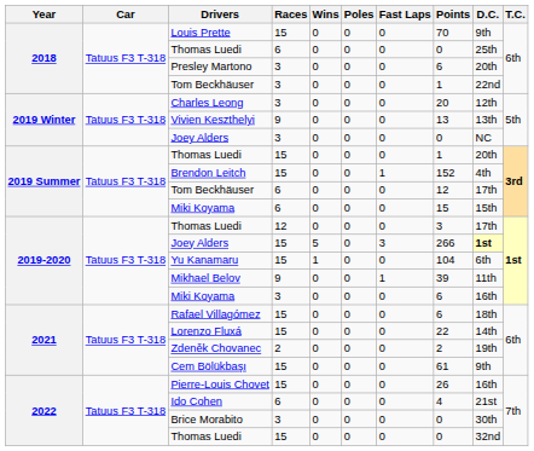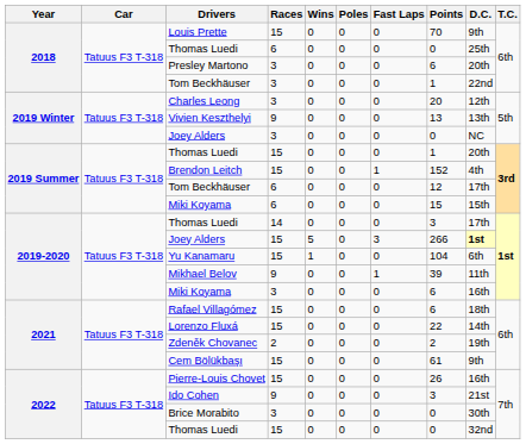 <table class="wikitable" style="font-size: 90%;">
 <tr>
 <th>Year</th>
 <th>Car</th>
 <th>Drivers</th>
 <th>Races</th>
 <th>Wins</th>
 <th>Poles</th>
 <th>Fast Laps</th>
 <th>Points</th>
 <th>D.C.</th>
 <th>T.C.</th>
 </tr>
 <tr>
 <th rowspan="4"><a href='#'>2018</a></th>
 <td rowspan="4" align=left><a href='#'>Tatuus F3 T-318</a></td>
 <td align=left> <a href='#'>Louis Prette</a></td>
 <td>15</td>
 <td>0</td>
 <td>0</td>
 <td>0</td>
 <td>70</td>
 <td>9th</td>
 <td rowspan="4">6th</td>
 </tr>
 <tr>
 <td align=left> Thomas Luedi</td>
 <td>6</td>
 <td>0</td>
 <td>0</td>
 <td>0</td>
 <td>0</td>
 <td>25th</td>
 </tr>
 <tr>
 <td align=left> Presley Martono</td>
 <td>3</td>
 <td>0</td>
 <td>0</td>
 <td>0</td>
 <td>6</td>
 <td>20th</td>
 </tr>
 <tr>
 <td align=left> Tom Beckhäuser</td>
 <td>3</td>
 <td>0</td>
 <td>0</td>
 <td>0</td>
 <td>1</td>
 <td>22nd</td>
 </tr>
 <tr>
 <th rowspan="3"><a href='#'>2019 Winter</a></th>
 <td rowspan="3"><a href='#'>Tatuus F3 T-318</a></td>
 <td align=left> <a href='#'>Charles Leong</a></td>
 <td>3</td>
 <td>0</td>
 <td>0</td>
 <td>0</td>
 <td>20</td>
 <td>12th</td>
 <td rowspan="3">5th</td>
 </tr>
 <tr>
 <td align=left> <a href='#'>Vivien Keszthelyi</a></td>
 <td>9</td>
 <td>0</td>
 <td>0</td>
 <td>0</td>
 <td>13</td>
 <td>13th</td>
 </tr>
 <tr>
 <td align=left> <a href='#'>Joey Alders</a></td>
 <td>3</td>
 <td>0</td>
 <td>0</td>
 <td>0</td>
 <td>0</td>
 <td>NC</td>
 </tr>
 <tr>
 <th rowspan="4"><a href='#'>2019 Summer</a></th>
 <td rowspan="4" align=left><a href='#'>Tatuus F3 T-318</a></td>
 <td align=left> Thomas Luedi</td>
 <td>15</td>
 <td>0</td>
 <td>0</td>
 <td>0</td>
 <td>1</td>
 <td>20th</td>
 <td rowspan="4" style="background:#FFDF9F;"><strong>3rd</strong></td>
 </tr>
 <tr>
 <td align=left> <a href='#'>Brendon Leitch</a></td>
 <td>15</td>
 <td>0</td>
 <td>0</td>
 <td>1</td>
 <td>152</td>
 <td>4th</td>
 </tr>
 <tr>
 <td align=left> Tom Beckhäuser</td>
 <td>6</td>
 <td>0</td>
 <td>0</td>
 <td>0</td>
 <td>12</td>
 <td>17th</td>
 </tr>
 <tr>
 <td align=left> <a href='#'>Miki Koyama</a></td>
 <td>6</td>
 <td>0</td>
 <td>0</td>
 <td>0</td>
 <td>15</td>
 <td>15th</td>
 </tr>
 <tr>
 <th rowspan="5"><a href='#'>2019-2020</a></th>
 <td rowspan="5" align="left"><a href='#'>Tatuus F3 T-318</a></td>
 <td align="left"> Thomas Luedi</td>
-<td>12</td>
+<td>14</td>
 <td>0</td>
 <td>0</td>
 <td>0</td>
 <td>3</td>
 <td>17th</td>
 <td rowspan="5" style="background:#FFFFBF;"><strong>1st</strong></td>
 </tr>
 <tr>
 <td align=left> <a href='#'>Joey Alders</a></td>
 <td>15</td>
 <td>5</td>
 <td>0</td>
 <td>3</td>
 <td>266</td>
 <td style="background:#FFFFBF;"><strong>1st</strong></td>
 </tr>
 <tr>
 <td align=left> <a href='#'>Yu Kanamaru</a></td>
 <td>15</td>
 <td>1</td>
 <td>0</td>
 <td>0</td>
 <td>104</td>
 <td>6th</td>
 </tr>
 <tr>
 <td align=left> <a href='#'>Mikhael Belov</a></td>
 <td>9</td>
 <td>0</td>
 <td>0</td>
 <td>1</td>
 <td>39</td>
 <td>11th</td>
 </tr>
 <tr>
 <td align=left> <a href='#'>Miki Koyama</a></td>
 <td>3</td>
 <td>0</td>
 <td>0</td>
 <td>0</td>
 <td>6</td>
 <td>16th</td>
 </tr>
 <tr>
 <th rowspan="4"><a href='#'>2021</a></th>
 <td rowspan="4" align=left><a href='#'>Tatuus F3 T-318</a></td>
 <td align=left> <a href='#'>Rafael Villagómez</a></td>
 <td>15</td>
 <td>0</td>
 <td>0</td>
 <td>0</td>
 <td>6</td>
 <td>18th</td>
 <td rowspan="4">6th</td>
 </tr>
 <tr>
 <td align=left> <a href='#'>Lorenzo Fluxá</a></td>
 <td>15</td>
 <td>0</td>
 <td>0</td>
 <td>0</td>
 <td>22</td>
 <td>14th</td>
 </tr>
 <tr>
 <td align=left> <a href='#'>Zdeněk Chovanec</a></td>
 <td>2</td>
 <td>0</td>
 <td>0</td>
 <td>0</td>
 <td>2</td>
 <td>19th</td>
 </tr>
 <tr>
 <td align=left> <a href='#'>Cem Bölükbaşı</a></td>
 <td>15</td>
 <td>0</td>
 <td>0</td>
 <td>0</td>
 <td>61</td>
 <td>9th</td>
 </tr>
 <tr>
 <th rowspan="4"><a href='#'>2022</a></th>
 <td rowspan="4"><a href='#'>Tatuus F3 T-318</a></td>
 <td align="left"> <a href='#'>Pierre-Louis Chovet</a></td>
 <td>15</td>
 <td>0</td>
 <td>0</td>
 <td>0</td>
 <td>26</td>
 <td>16th</td>
 <td rowspan="4">7th</td>
 </tr>
 <tr>
 <td align="left"> <a href='#'>Ido Cohen</a></td>
-<td>6</td>
+<td>9</td>
 <td>0</td>
 <td>0</td>
 <td>0</td>
-<td>4</td>
+<td>3</td>
 <td>21st</td>
 </tr>
 <tr>
 <td align=left> Brice Morabito</td>
 <td>3</td>
 <td>0</td>
 <td>0</td>
 <td>0</td>
 <td>0</td>
 <td>30th</td>
 </tr>
 <tr>
 <td align="left"> Thomas Luedi</td>
 <td>15</td>
 <td>0</td>
 <td>0</td>
 <td>0</td>
 <td>0</td>
 <td>32nd</td>
 </tr>
 </table>
